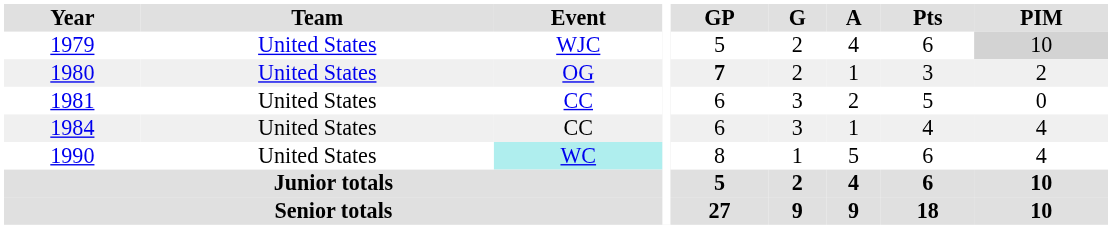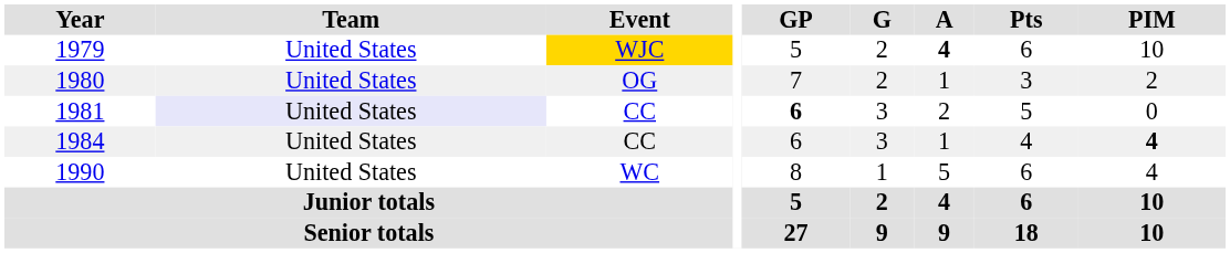 <table border="0" cellpadding="1" cellspacing="0" style="text-align:center; width:50em">
 <tr bgcolor="#e0e0e0">
 <th>Year</th>
 <th>Team</th>
 <th>Event</th>
 <th rowspan="99" bgcolor="#ffffff"></th>
 <th>GP</th>
 <th>G</th>
 <th>A</th>
 <th>Pts</th>
 <th>PIM</th>
 </tr>
 <tr>
 <td><a href='#'>1979</a></td>
 <td><a href='#'>United States</a></td>
-<td><a href='#'>WJC</a></td>
+<td style="background: gold;"><a href='#'>WJC</a></td>
 <td>5</td>
 <td>2</td>
-<td>4</td>
+<td><strong>4</strong></td>
 <td>6</td>
-<td style="background: lightgrey;">10</td>
+<td>10</td>
 </tr>
 <tr bgcolor="#f0f0f0">
 <td><a href='#'>1980</a></td>
 <td><a href='#'>United States</a></td>
 <td><a href='#'>OG</a></td>
-<td><strong>7</strong></td>
+<td>7</td>
 <td>2</td>
 <td>1</td>
 <td>3</td>
 <td>2</td>
 </tr>
 <tr>
 <td><a href='#'>1981</a></td>
-<td>United States</td>
+<td style="background: lavender;">United States</td>
 <td><a href='#'>CC</a></td>
-<td>6</td>
+<td><strong>6</strong></td>
 <td>3</td>
 <td>2</td>
 <td>5</td>
 <td>0</td>
 </tr>
 <tr bgcolor="#f0f0f0">
 <td><a href='#'>1984</a></td>
 <td>United States</td>
 <td>CC</td>
 <td>6</td>
 <td>3</td>
 <td>1</td>
 <td>4</td>
-<td>4</td>
+<td><strong>4</strong></td>
 </tr>
 <tr>
 <td><a href='#'>1990</a></td>
 <td>United States</td>
-<td style="background: paleturquoise;"><a href='#'>WC</a></td>
+<td><a href='#'>WC</a></td>
 <td>8</td>
 <td>1</td>
 <td>5</td>
 <td>6</td>
 <td>4</td>
 </tr>
 <tr bgcolor="#e0e0e0">
 <th colspan="3">Junior totals</th>
 <th>5</th>
 <th>2</th>
 <th>4</th>
 <th>6</th>
 <th>10</th>
 </tr>
 <tr bgcolor="#e0e0e0">
 <th colspan="3">Senior totals</th>
 <th>27</th>
 <th>9</th>
 <th>9</th>
 <th>18</th>
 <th>10</th>
 </tr>
 </table>
